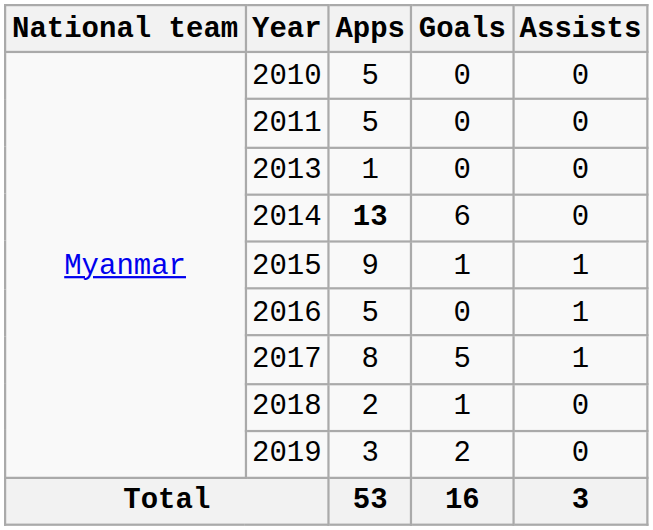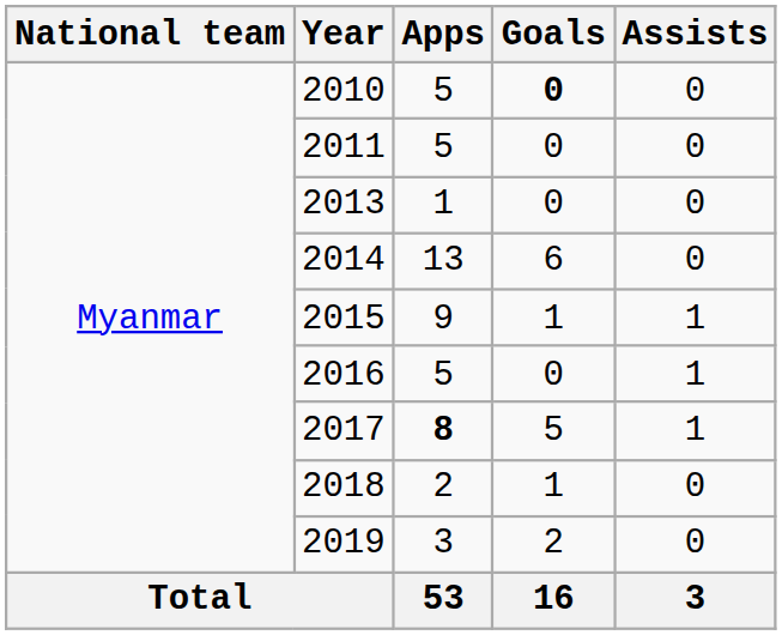 <table class=wikitable style=text-align:center>
 <tr>
 <th>National team</th>
 <th>Year</th>
 <th>Apps</th>
 <th>Goals</th>
 <th>Assists</th>
 </tr>
 <tr>
 <td rowspan=9><a href='#'>Myanmar</a></td>
 <td>2010</td>
 <td>5</td>
-<td>0</td>
+<td><strong>0</strong></td>
 <td>0</td>
 </tr>
 <tr>
 <td>2011</td>
 <td>5</td>
 <td>0</td>
 <td>0</td>
 </tr>
 <tr>
 <td>2013</td>
 <td>1</td>
 <td>0</td>
 <td>0</td>
 </tr>
 <tr>
 <td>2014</td>
-<td><strong>13</strong></td>
+<td>13</td>
 <td>6</td>
 <td>0</td>
 </tr>
 <tr>
 <td>2015</td>
 <td>9</td>
 <td>1</td>
 <td>1</td>
 </tr>
 <tr>
 <td>2016</td>
 <td>5</td>
 <td>0</td>
 <td>1</td>
 </tr>
 <tr>
 <td>2017</td>
-<td>8</td>
+<td><strong>8</strong></td>
 <td>5</td>
 <td>1</td>
 </tr>
 <tr>
 <td>2018</td>
 <td>2</td>
 <td>1</td>
 <td>0</td>
 </tr>
 <tr>
 <td>2019</td>
 <td>3</td>
 <td>2</td>
 <td>0</td>
 </tr>
 <tr>
 <th colspan=2>Total</th>
 <th>53</th>
 <th>16</th>
 <th>3</th>
 </tr>
 </table>
